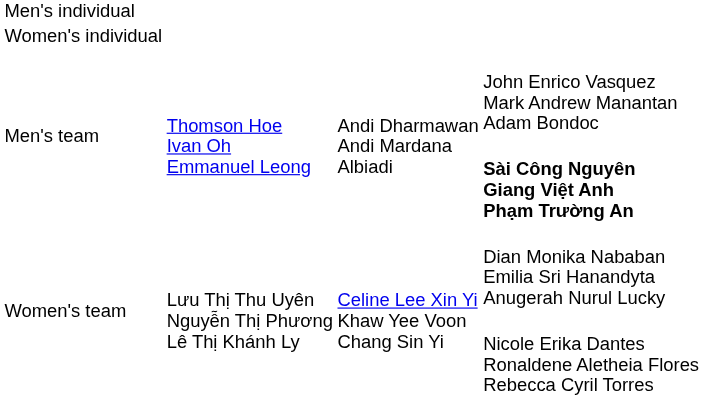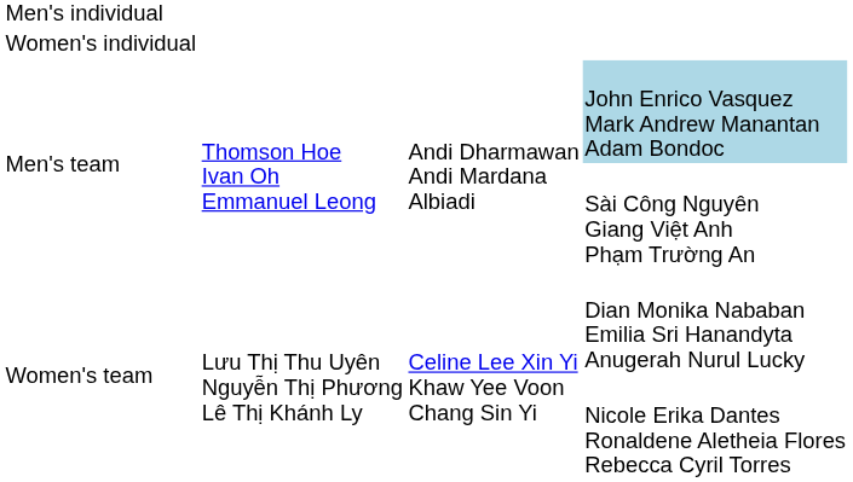 <table>
 <tr>
 <td rowspan=2>Men's individual</td>
 <td rowspan=2 nowrap=true></td>
 <td rowspan=2></td>
 <td></td>
 </tr>
 <tr>
 <td></td>
 </tr>
 <tr>
 <td rowspan=2>Women's individual</td>
 <td rowspan=2></td>
 <td rowspan=2 nowrap=true></td>
 <td></td>
 </tr>
 <tr>
 <td></td>
 </tr>
 <tr>
 <td rowspan=2>Men's team</td>
 <td rowspan=2><br><a href='#'>Thomson Hoe</a><br><a href='#'>Ivan Oh</a><br><a href='#'>Emmanuel Leong</a></td>
 <td rowspan=2><br>Andi Dharmawan<br>Andi Mardana<br>Albiadi</td>
-<td><br>John Enrico Vasquez<br>Mark Andrew Manantan<br>Adam Bondoc</td>
+<td style="background: lightblue;"><br>John Enrico Vasquez<br>Mark Andrew Manantan<br>Adam Bondoc</td>
 </tr>
 <tr>
-<td><strong><br>Sài Công Nguyên<br>Giang Việt Anh<br>Phạm Trường An</strong></td>
+<td><br>Sài Công Nguyên<br>Giang Việt Anh<br>Phạm Trường An</td>
 </tr>
 <tr>
 <td rowspan=2>Women's team</td>
 <td rowspan=2><br>Lưu Thị Thu Uyên<br>Nguyễn Thị Phương<br>Lê Thị Khánh Ly</td>
 <td rowspan=2><br><a href='#'>Celine Lee Xin Yi</a><br>Khaw Yee Voon<br>Chang Sin Yi</td>
 <td><br>Dian Monika Nababan<br>Emilia Sri Hanandyta<br>Anugerah Nurul Lucky</td>
 </tr>
 <tr>
 <td nowrap=true><br>Nicole Erika Dantes<br>Ronaldene Aletheia Flores<br>Rebecca Cyril Torres</td>
 </tr>
 <tr>
 </tr>
 </table>
